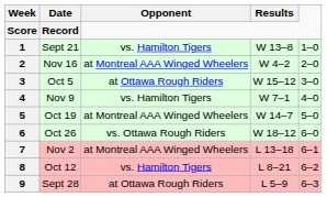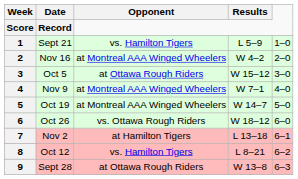 <table class="wikitable" style="text-align:center">
 <tr>
 <th>Week</th>
 <th>Date</th>
 <th>Opponent</th>
 <th>Results</th>
 </tr>
 <tr>
 <th>Score</th>
 <th>Record</th>
 </tr>
 <tr style="background:#ddffdd">
 <th>1</th>
 <td>Sept 21</td>
 <td>vs. <a href='#'>Hamilton Tigers</a></td>
-<td>W 13–8</td>
+<td>L 5–9</td>
 <td>1–0</td>
 </tr>
 <tr style="background:#ddffdd">
 <th>2</th>
 <td>Nov 16</td>
 <td>at <a href='#'>Montreal AAA Winged Wheelers</a></td>
 <td>W 4–2</td>
 <td>2–0</td>
 </tr>
 <tr style="background:#ddffdd">
 <th>3</th>
 <td>Oct 5</td>
 <td>at <a href='#'>Ottawa Rough Riders</a></td>
 <td>W 15–12</td>
 <td>3–0</td>
 </tr>
 <tr style="background:#ddffdd">
 <th>4</th>
 <td>Nov 9</td>
-<td>vs. Hamilton Tigers</td>
+<td>at <a href='#'>Montreal AAA Winged Wheelers</a></td>
 <td>W 7–1</td>
 <td>4–0</td>
 </tr>
 <tr style="background:#ddffdd">
 <th>5</th>
 <td>Oct 19</td>
 <td>at Montreal AAA Winged Wheelers</td>
 <td>W 14–7</td>
 <td>5–0</td>
 </tr>
 <tr style="background:#ddffdd">
 <th>6</th>
 <td>Oct 26</td>
 <td>vs. Ottawa Rough Riders</td>
 <td>W 18–12</td>
 <td>6–0</td>
 </tr>
 <tr style="background:#ffbbbb">
 <th>7</th>
 <td>Nov 2</td>
-<td>at Montreal AAA Winged Wheelers</td>
+<td>at Hamilton Tigers</td>
 <td>L 13–18</td>
 <td>6–1</td>
 </tr>
 <tr style="background:#ffbbbb">
 <th>8</th>
 <td>Oct 12</td>
 <td>vs. <a href='#'>Hamilton Tigers</a></td>
 <td>L 8–21</td>
 <td>6–2</td>
 </tr>
 <tr style="background:#ffbbbb">
 <th>9</th>
 <td>Sept 28</td>
 <td>at Ottawa Rough Riders</td>
-<td>L 5–9</td>
+<td>W 13–8</td>
 <td>6–3</td>
 </tr>
 </table>
